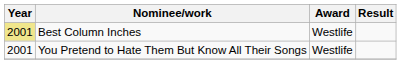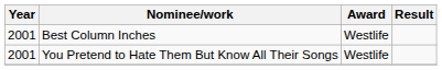 <table class="wikitable">
 <tr>
 <th>Year</th>
 <th>Nominee/work</th>
 <th>Award</th>
 <th>Result</th>
 </tr>
 <tr>
-<td style="background: khaki;">2001</td>
+<td>2001</td>
 <td>Best Column Inches</td>
 <td>Westlife</td>
 <td></td>
 </tr>
 <tr>
 <td>2001</td>
 <td>You Pretend to Hate Them But Know All Their Songs</td>
 <td>Westlife</td>
 <td></td>
 </tr>
 <tr>
 </tr>
 </table>
